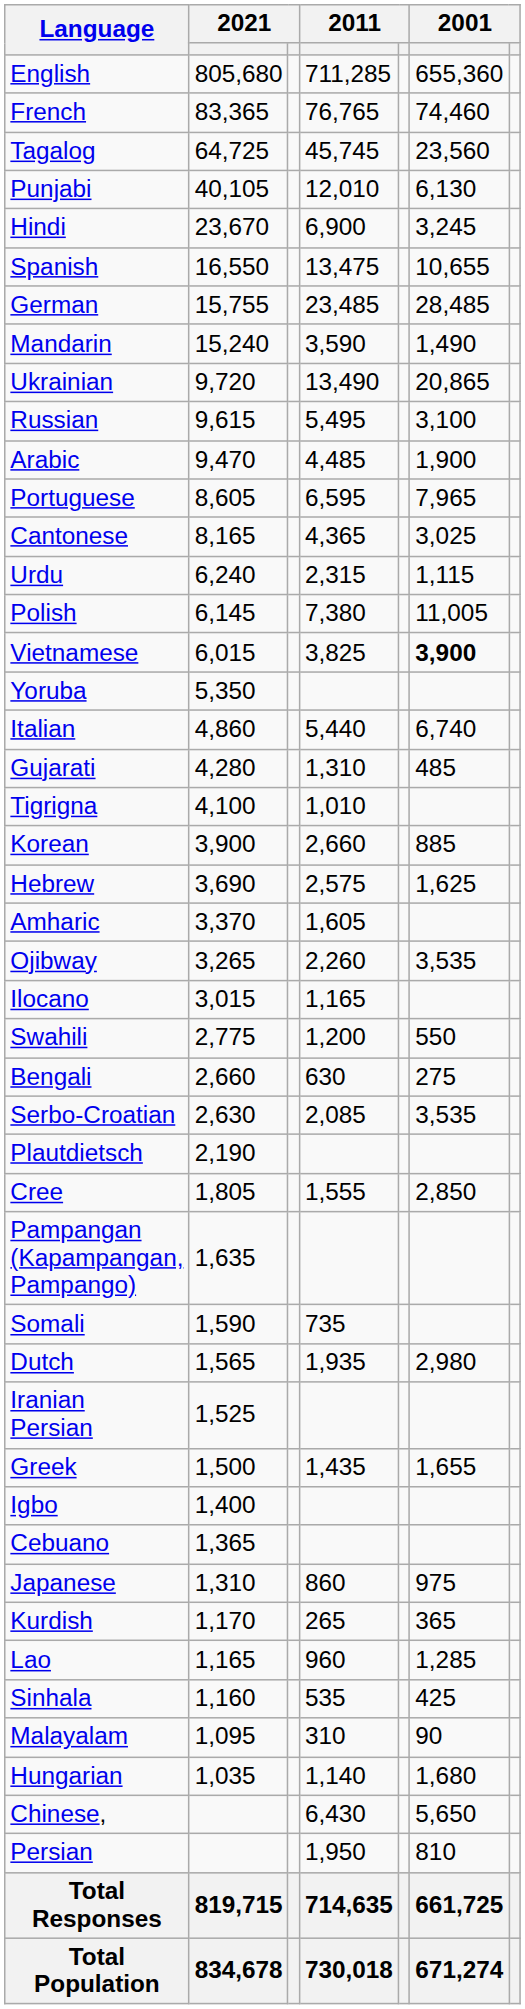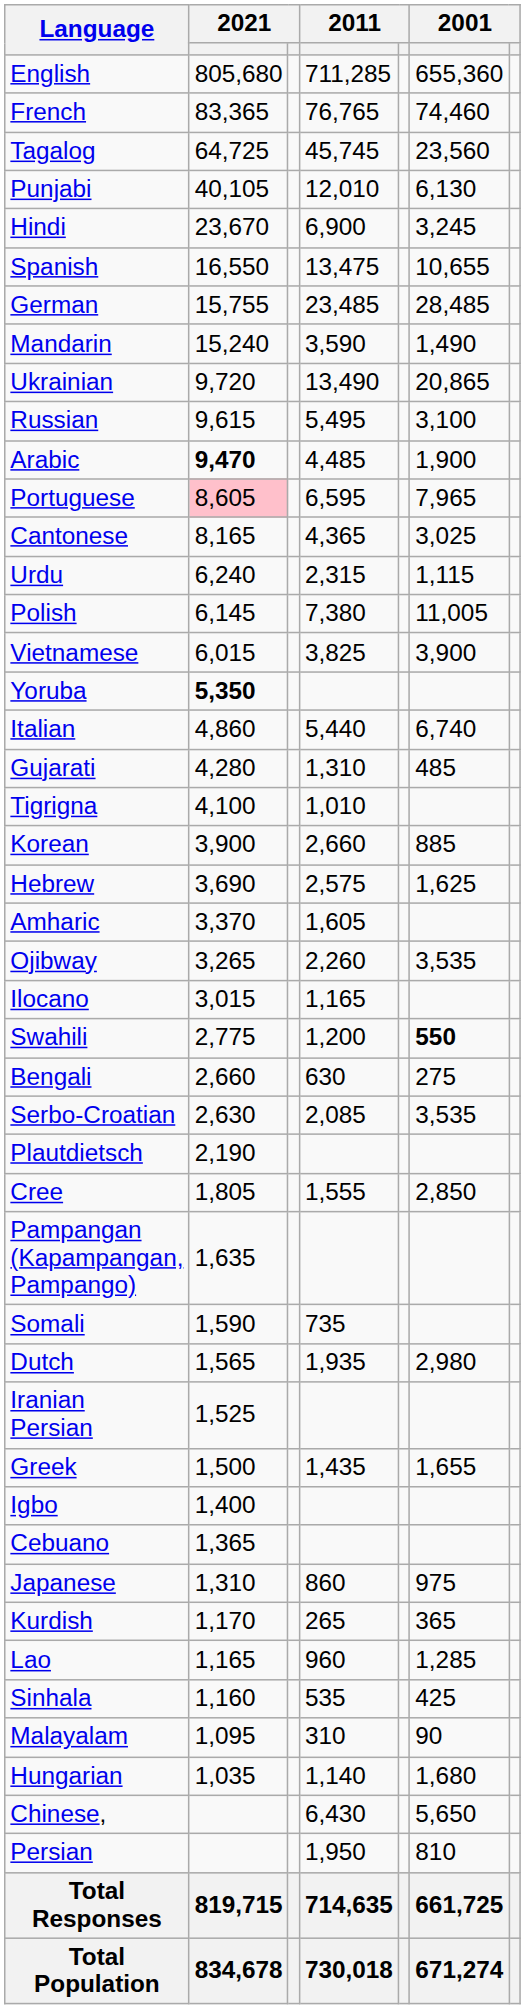 <table class="wikitable collapsible sortable">
 <tr>
 <th rowspan="2"><a href='#'>Language</a></th>
 <th colspan="2">2021</th>
 <th colspan="2">2011</th>
 <th colspan="2">2001</th>
 </tr>
 <tr>
 <th><a href='#'></a></th>
 <th></th>
 <th></th>
 <th></th>
 <th></th>
 <th></th>
 </tr>
 <tr>
 <td><a href='#'>English</a></td>
 <td>805,680</td>
 <td></td>
 <td>711,285</td>
 <td></td>
 <td>655,360</td>
 <td></td>
 </tr>
 <tr>
 <td><a href='#'>French</a></td>
 <td>83,365</td>
 <td></td>
 <td>76,765</td>
 <td></td>
 <td>74,460</td>
 <td></td>
 </tr>
 <tr>
 <td><a href='#'>Tagalog</a></td>
 <td>64,725</td>
 <td></td>
 <td>45,745</td>
 <td></td>
 <td>23,560</td>
 <td></td>
 </tr>
 <tr>
 <td><a href='#'>Punjabi</a></td>
 <td>40,105</td>
 <td></td>
 <td>12,010</td>
 <td></td>
 <td>6,130</td>
 <td></td>
 </tr>
 <tr>
 <td><a href='#'>Hindi</a></td>
 <td>23,670</td>
 <td></td>
 <td>6,900</td>
 <td></td>
 <td>3,245</td>
 <td></td>
 </tr>
 <tr>
 <td><a href='#'>Spanish</a></td>
 <td>16,550</td>
 <td></td>
 <td>13,475</td>
 <td></td>
 <td>10,655</td>
 <td></td>
 </tr>
 <tr>
 <td><a href='#'>German</a></td>
 <td>15,755</td>
 <td></td>
 <td>23,485</td>
 <td></td>
 <td>28,485</td>
 <td></td>
 </tr>
 <tr>
 <td><a href='#'>Mandarin</a></td>
 <td>15,240</td>
 <td></td>
 <td>3,590</td>
 <td></td>
 <td>1,490</td>
 <td></td>
 </tr>
 <tr>
 <td><a href='#'>Ukrainian</a></td>
 <td>9,720</td>
 <td></td>
 <td>13,490</td>
 <td></td>
 <td>20,865</td>
 <td></td>
 </tr>
 <tr>
 <td><a href='#'>Russian</a></td>
 <td>9,615</td>
 <td></td>
 <td>5,495</td>
 <td></td>
 <td>3,100</td>
 <td></td>
 </tr>
 <tr>
 <td><a href='#'>Arabic</a></td>
-<td>9,470</td>
+<td><strong>9,470</strong></td>
 <td></td>
 <td>4,485</td>
 <td></td>
 <td>1,900</td>
 <td></td>
 </tr>
 <tr>
 <td><a href='#'>Portuguese</a></td>
-<td>8,605</td>
+<td style="background: pink;">8,605</td>
 <td></td>
 <td>6,595</td>
 <td></td>
 <td>7,965</td>
 <td></td>
 </tr>
 <tr>
 <td><a href='#'>Cantonese</a></td>
 <td>8,165</td>
 <td></td>
 <td>4,365</td>
 <td></td>
 <td>3,025</td>
 <td></td>
 </tr>
 <tr>
 <td><a href='#'>Urdu</a></td>
 <td>6,240</td>
 <td></td>
 <td>2,315</td>
 <td></td>
 <td>1,115</td>
 <td></td>
 </tr>
 <tr>
 <td><a href='#'>Polish</a></td>
 <td>6,145</td>
 <td></td>
 <td>7,380</td>
 <td></td>
 <td>11,005</td>
 <td></td>
 </tr>
 <tr>
 <td><a href='#'>Vietnamese</a></td>
 <td>6,015</td>
 <td></td>
 <td>3,825</td>
 <td></td>
-<td><strong>3,900</strong></td>
+<td>3,900</td>
 <td></td>
 </tr>
 <tr>
 <td><a href='#'>Yoruba</a></td>
-<td>5,350</td>
+<td><strong>5,350</strong></td>
 <td></td>
 <td></td>
 <td></td>
 <td></td>
 <td></td>
 </tr>
 <tr>
 <td><a href='#'>Italian</a></td>
 <td>4,860</td>
 <td></td>
 <td>5,440</td>
 <td></td>
 <td>6,740</td>
 <td></td>
 </tr>
 <tr>
 <td><a href='#'>Gujarati</a></td>
 <td>4,280</td>
 <td></td>
 <td>1,310</td>
 <td></td>
 <td>485</td>
 <td></td>
 </tr>
 <tr>
 <td><a href='#'>Tigrigna</a></td>
 <td>4,100</td>
 <td></td>
 <td>1,010</td>
 <td></td>
 <td></td>
 <td></td>
 </tr>
 <tr>
 <td><a href='#'>Korean</a></td>
 <td>3,900</td>
 <td></td>
 <td>2,660</td>
 <td></td>
 <td>885</td>
 <td></td>
 </tr>
 <tr>
 <td><a href='#'>Hebrew</a></td>
 <td>3,690</td>
 <td></td>
 <td>2,575</td>
 <td></td>
 <td>1,625</td>
 <td></td>
 </tr>
 <tr>
 <td><a href='#'>Amharic</a></td>
 <td>3,370</td>
 <td></td>
 <td>1,605</td>
 <td></td>
 <td></td>
 <td></td>
 </tr>
 <tr>
 <td><a href='#'>Ojibway</a></td>
 <td>3,265</td>
 <td></td>
 <td>2,260</td>
 <td></td>
 <td>3,535</td>
 <td></td>
 </tr>
 <tr>
 <td><a href='#'>Ilocano</a></td>
 <td>3,015</td>
 <td></td>
 <td>1,165</td>
 <td></td>
 <td></td>
 <td></td>
 </tr>
 <tr>
 <td><a href='#'>Swahili</a></td>
 <td>2,775</td>
 <td></td>
 <td>1,200</td>
 <td></td>
-<td>550</td>
+<td><strong>550</strong></td>
 <td></td>
 </tr>
 <tr>
 <td><a href='#'>Bengali</a></td>
 <td>2,660</td>
 <td></td>
 <td>630</td>
 <td></td>
 <td>275</td>
 <td></td>
 </tr>
 <tr>
 <td><a href='#'>Serbo-Croatian</a></td>
 <td>2,630</td>
 <td></td>
 <td>2,085</td>
 <td></td>
 <td>3,535</td>
 <td></td>
 </tr>
 <tr>
 <td><a href='#'>Plautdietsch</a></td>
 <td>2,190</td>
 <td></td>
 <td></td>
 <td></td>
 <td></td>
 <td></td>
 </tr>
 <tr>
 <td><a href='#'>Cree</a></td>
 <td>1,805</td>
 <td></td>
 <td>1,555</td>
 <td></td>
 <td>2,850</td>
 <td></td>
 </tr>
 <tr>
 <td><a href='#'>Pampangan<br>(Kapampangan,<br>Pampango)</a></td>
 <td>1,635</td>
 <td></td>
 <td></td>
 <td></td>
 <td></td>
 <td></td>
 </tr>
 <tr>
 <td><a href='#'>Somali</a></td>
 <td>1,590</td>
 <td></td>
 <td>735</td>
 <td></td>
 <td></td>
 <td></td>
 </tr>
 <tr>
 <td><a href='#'>Dutch</a></td>
 <td>1,565</td>
 <td></td>
 <td>1,935</td>
 <td></td>
 <td>2,980</td>
 <td></td>
 </tr>
 <tr>
 <td><a href='#'>Iranian<br>Persian</a></td>
 <td>1,525</td>
 <td></td>
 <td></td>
 <td></td>
 <td></td>
 <td></td>
 </tr>
 <tr>
 <td><a href='#'>Greek</a></td>
 <td>1,500</td>
 <td></td>
 <td>1,435</td>
 <td></td>
 <td>1,655</td>
 <td></td>
 </tr>
 <tr>
 <td><a href='#'>Igbo</a></td>
 <td>1,400</td>
 <td></td>
 <td></td>
 <td></td>
 <td></td>
 <td></td>
 </tr>
 <tr>
 <td><a href='#'>Cebuano</a></td>
 <td>1,365</td>
 <td></td>
 <td></td>
 <td></td>
 <td></td>
 <td></td>
 </tr>
 <tr>
 <td><a href='#'>Japanese</a></td>
 <td>1,310</td>
 <td></td>
 <td>860</td>
 <td></td>
 <td>975</td>
 <td></td>
 </tr>
 <tr>
 <td><a href='#'>Kurdish</a></td>
 <td>1,170</td>
 <td></td>
 <td>265</td>
 <td></td>
 <td>365</td>
 <td></td>
 </tr>
 <tr>
 <td><a href='#'>Lao</a></td>
 <td>1,165</td>
 <td></td>
 <td>960</td>
 <td></td>
 <td>1,285</td>
 <td></td>
 </tr>
 <tr>
 <td><a href='#'>Sinhala</a></td>
 <td>1,160</td>
 <td></td>
 <td>535</td>
 <td></td>
 <td>425</td>
 <td></td>
 </tr>
 <tr>
 <td><a href='#'>Malayalam</a></td>
 <td>1,095</td>
 <td></td>
 <td>310</td>
 <td></td>
 <td>90</td>
 <td></td>
 </tr>
 <tr>
 <td><a href='#'>Hungarian</a></td>
 <td>1,035</td>
 <td></td>
 <td>1,140</td>
 <td></td>
 <td>1,680</td>
 <td></td>
 </tr>
 <tr>
 <td><a href='#'>Chinese</a>, </td>
 <td></td>
 <td></td>
 <td>6,430</td>
 <td></td>
 <td>5,650</td>
 <td></td>
 </tr>
 <tr>
 <td><a href='#'>Persian</a></td>
 <td></td>
 <td></td>
 <td>1,950</td>
 <td></td>
 <td>810</td>
 <td></td>
 </tr>
 <tr>
 <th>Total<br>Responses</th>
 <th>819,715</th>
 <th></th>
 <th>714,635</th>
 <th></th>
 <th>661,725</th>
 <th></th>
 </tr>
 <tr>
 <th>Total<br>Population</th>
 <th>834,678</th>
 <th></th>
 <th>730,018</th>
 <th></th>
 <th>671,274</th>
 <th></th>
 </tr>
 </table>
